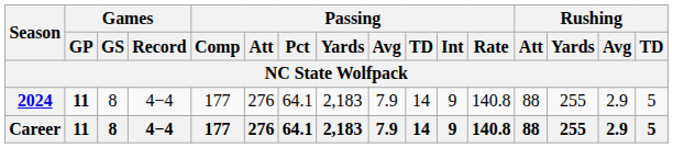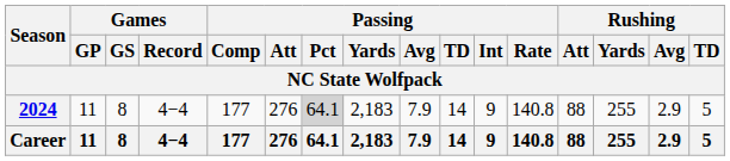 <table class="wikitable" style="text-align:center;">
 <tr>
 <th rowspan="2">Season</th>
 <th colspan="3">Games</th>
 <th colspan="8">Passing</th>
 <th colspan="5">Rushing</th>
 </tr>
 <tr>
 <th>GP</th>
 <th>GS</th>
 <th>Record</th>
 <th>Comp</th>
 <th>Att</th>
 <th>Pct</th>
 <th>Yards</th>
 <th>Avg</th>
 <th>TD</th>
 <th>Int</th>
 <th>Rate</th>
 <th>Att</th>
 <th>Yards</th>
 <th>Avg</th>
 <th>TD</th>
 </tr>
 <tr>
 <th colspan="16">NC State Wolfpack</th>
 </tr>
 <tr>
 <th><a href='#'>2024</a></th>
-<td><strong>11</strong></td>
+<td>11</td>
 <td>8</td>
 <td>4−4</td>
 <td>177</td>
 <td>276</td>
-<td>64.1</td>
+<td style="background: lightgrey;">64.1</td>
 <td>2,183</td>
 <td>7.9</td>
 <td>14</td>
 <td>9</td>
 <td>140.8</td>
 <td>88</td>
 <td>255</td>
 <td>2.9</td>
 <td>5</td>
 </tr>
 <tr>
 <th>Career</th>
 <th>11</th>
 <th>8</th>
 <th>4−4</th>
 <th>177</th>
 <th>276</th>
 <th>64.1</th>
 <th>2,183</th>
 <th>7.9</th>
 <th>14</th>
 <th>9</th>
 <th>140.8</th>
 <th>88</th>
 <th>255</th>
 <th>2.9</th>
 <th>5</th>
 </tr>
 </table>
